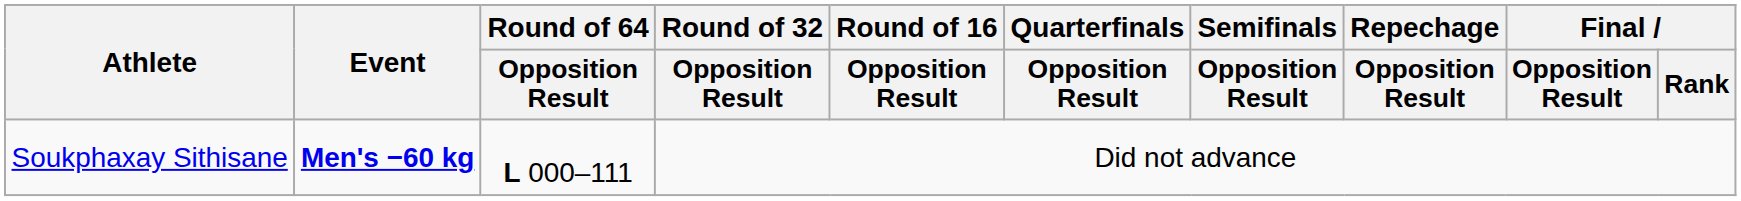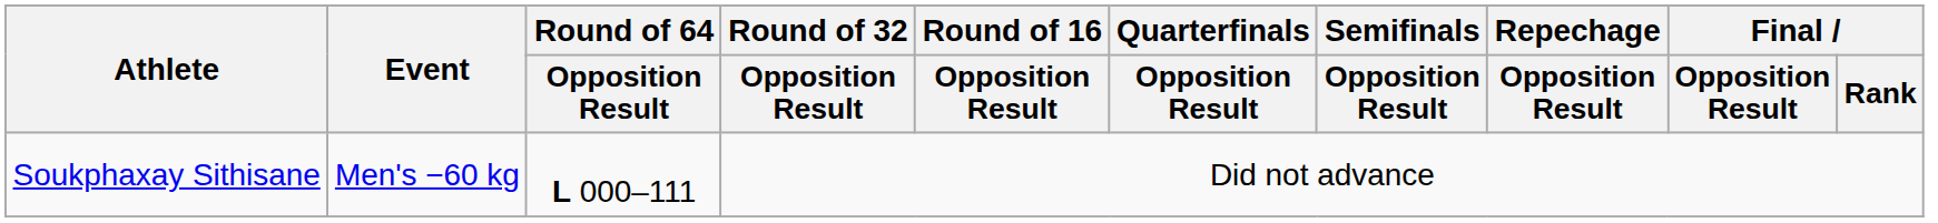 <table class="wikitable" style="font-size:90%">
 <tr>
 <th rowspan=2>Athlete</th>
 <th rowspan=2>Event</th>
 <th>Round of 64</th>
 <th>Round of 32</th>
 <th>Round of 16</th>
 <th>Quarterfinals</th>
 <th>Semifinals</th>
 <th>Repechage</th>
 <th colspan=2>Final / </th>
 </tr>
 <tr style="font-size:95%">
 <th>Opposition<br>Result</th>
 <th>Opposition<br>Result</th>
 <th>Opposition<br>Result</th>
 <th>Opposition<br>Result</th>
 <th>Opposition<br>Result</th>
 <th>Opposition<br>Result</th>
 <th>Opposition<br>Result</th>
 <th>Rank</th>
 </tr>
 <tr align=center>
 <td align=left><a href='#'>Soukphaxay Sithisane</a></td>
-<td align=left><strong><a href='#'>Men's −60 kg</a></strong></td>
+<td align=left><a href='#'>Men's −60 kg</a></td>
 <td><br><strong>L</strong> 000–111</td>
 <td colspan=7>Did not advance</td>
 </tr>
 </table>
